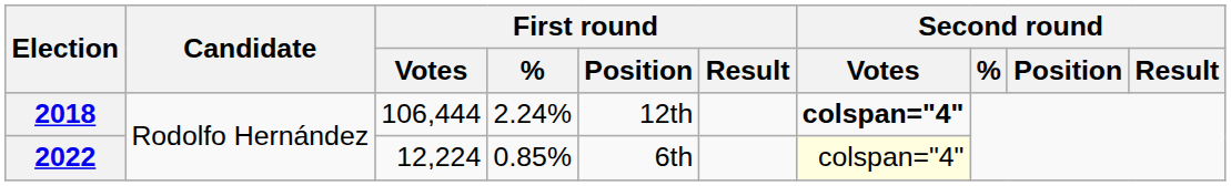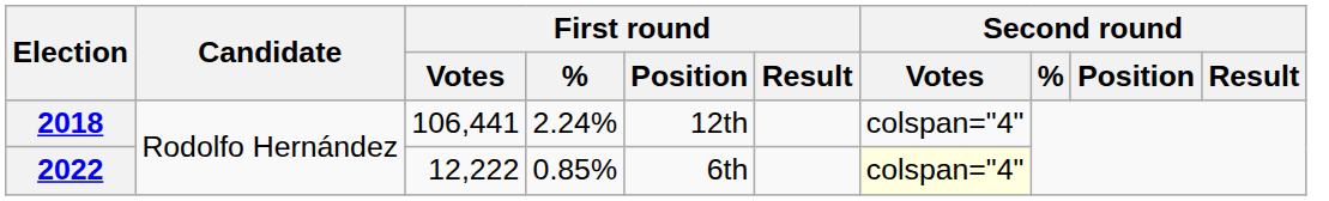 <table class=wikitable style="text-align: right;">
 <tr>
 <th rowspan=2>Election</th>
 <th rowspan=2>Candidate</th>
 <th colspan=4>First round</th>
 <th colspan=4>Second round</th>
 </tr>
 <tr>
 <th>Votes</th>
 <th>%</th>
 <th>Position</th>
 <th>Result</th>
 <th>Votes</th>
 <th>%</th>
 <th>Position</th>
 <th>Result</th>
 </tr>
 <tr>
 <th><a href='#'>2018</a></th>
 <td rowspan="2">Rodolfo Hernández</td>
-<td>106,444</td>
+<td>106,441</td>
 <td>2.24%</td>
 <td> 12th</td>
 <td></td>
-<td><strong>colspan="4" </strong></td>
+<td>colspan="4" </td>
 </tr>
 <tr>
 <th><a href='#'>2022</a></th>
-<td>12,224</td>
+<td>12,222</td>
 <td>0.85%</td>
 <td>6th</td>
 <td></td>
 <td style="background: lightyellow;">colspan="4" </td>
 </tr>
 </table>
